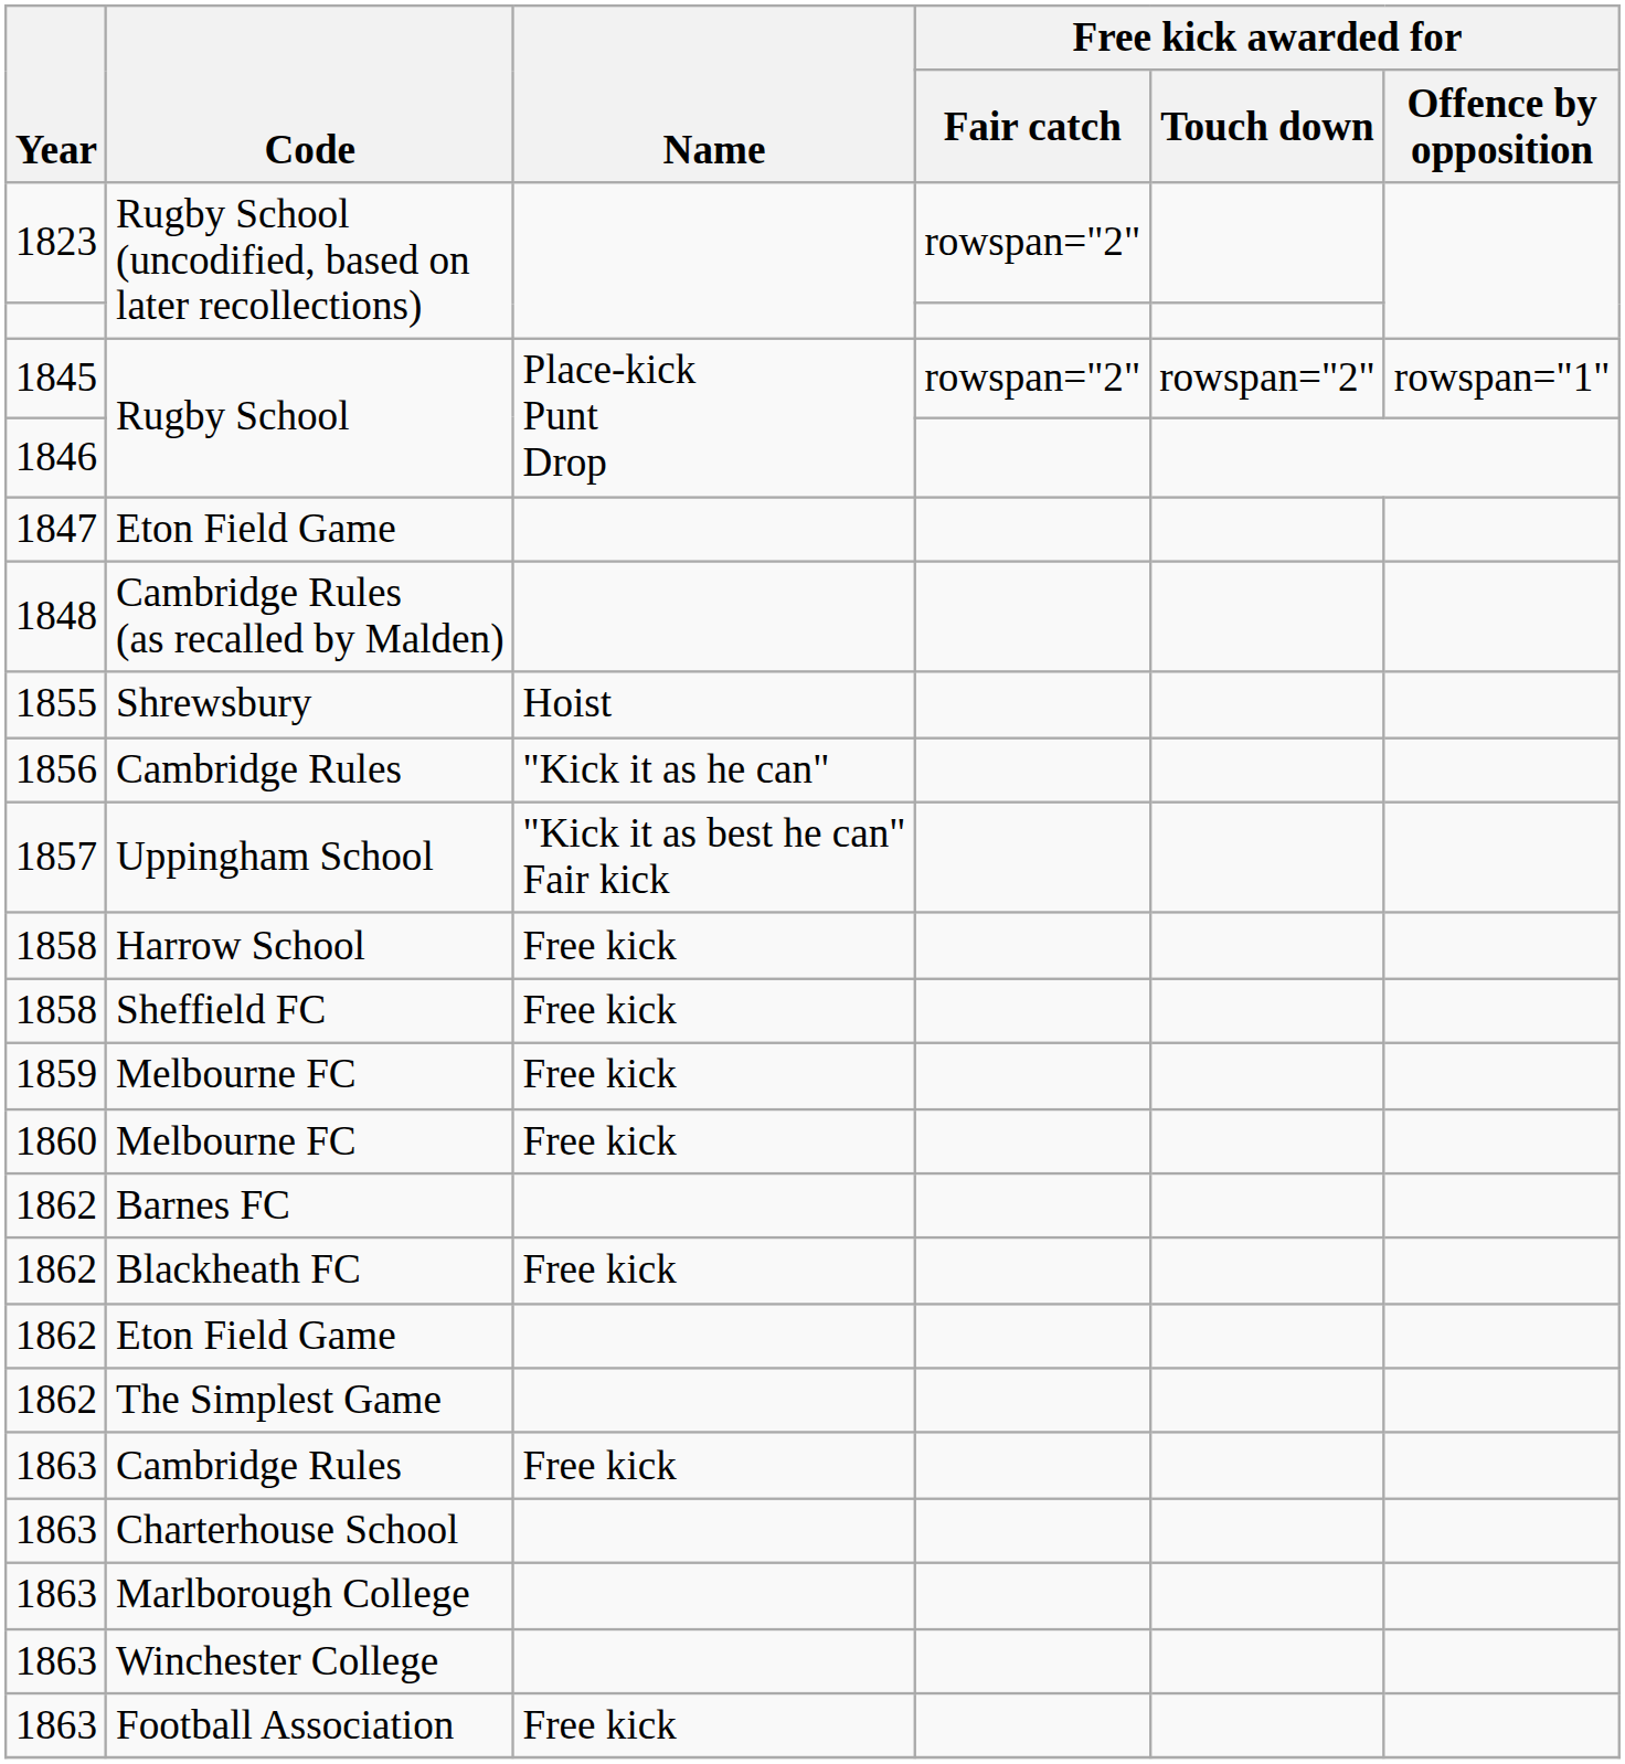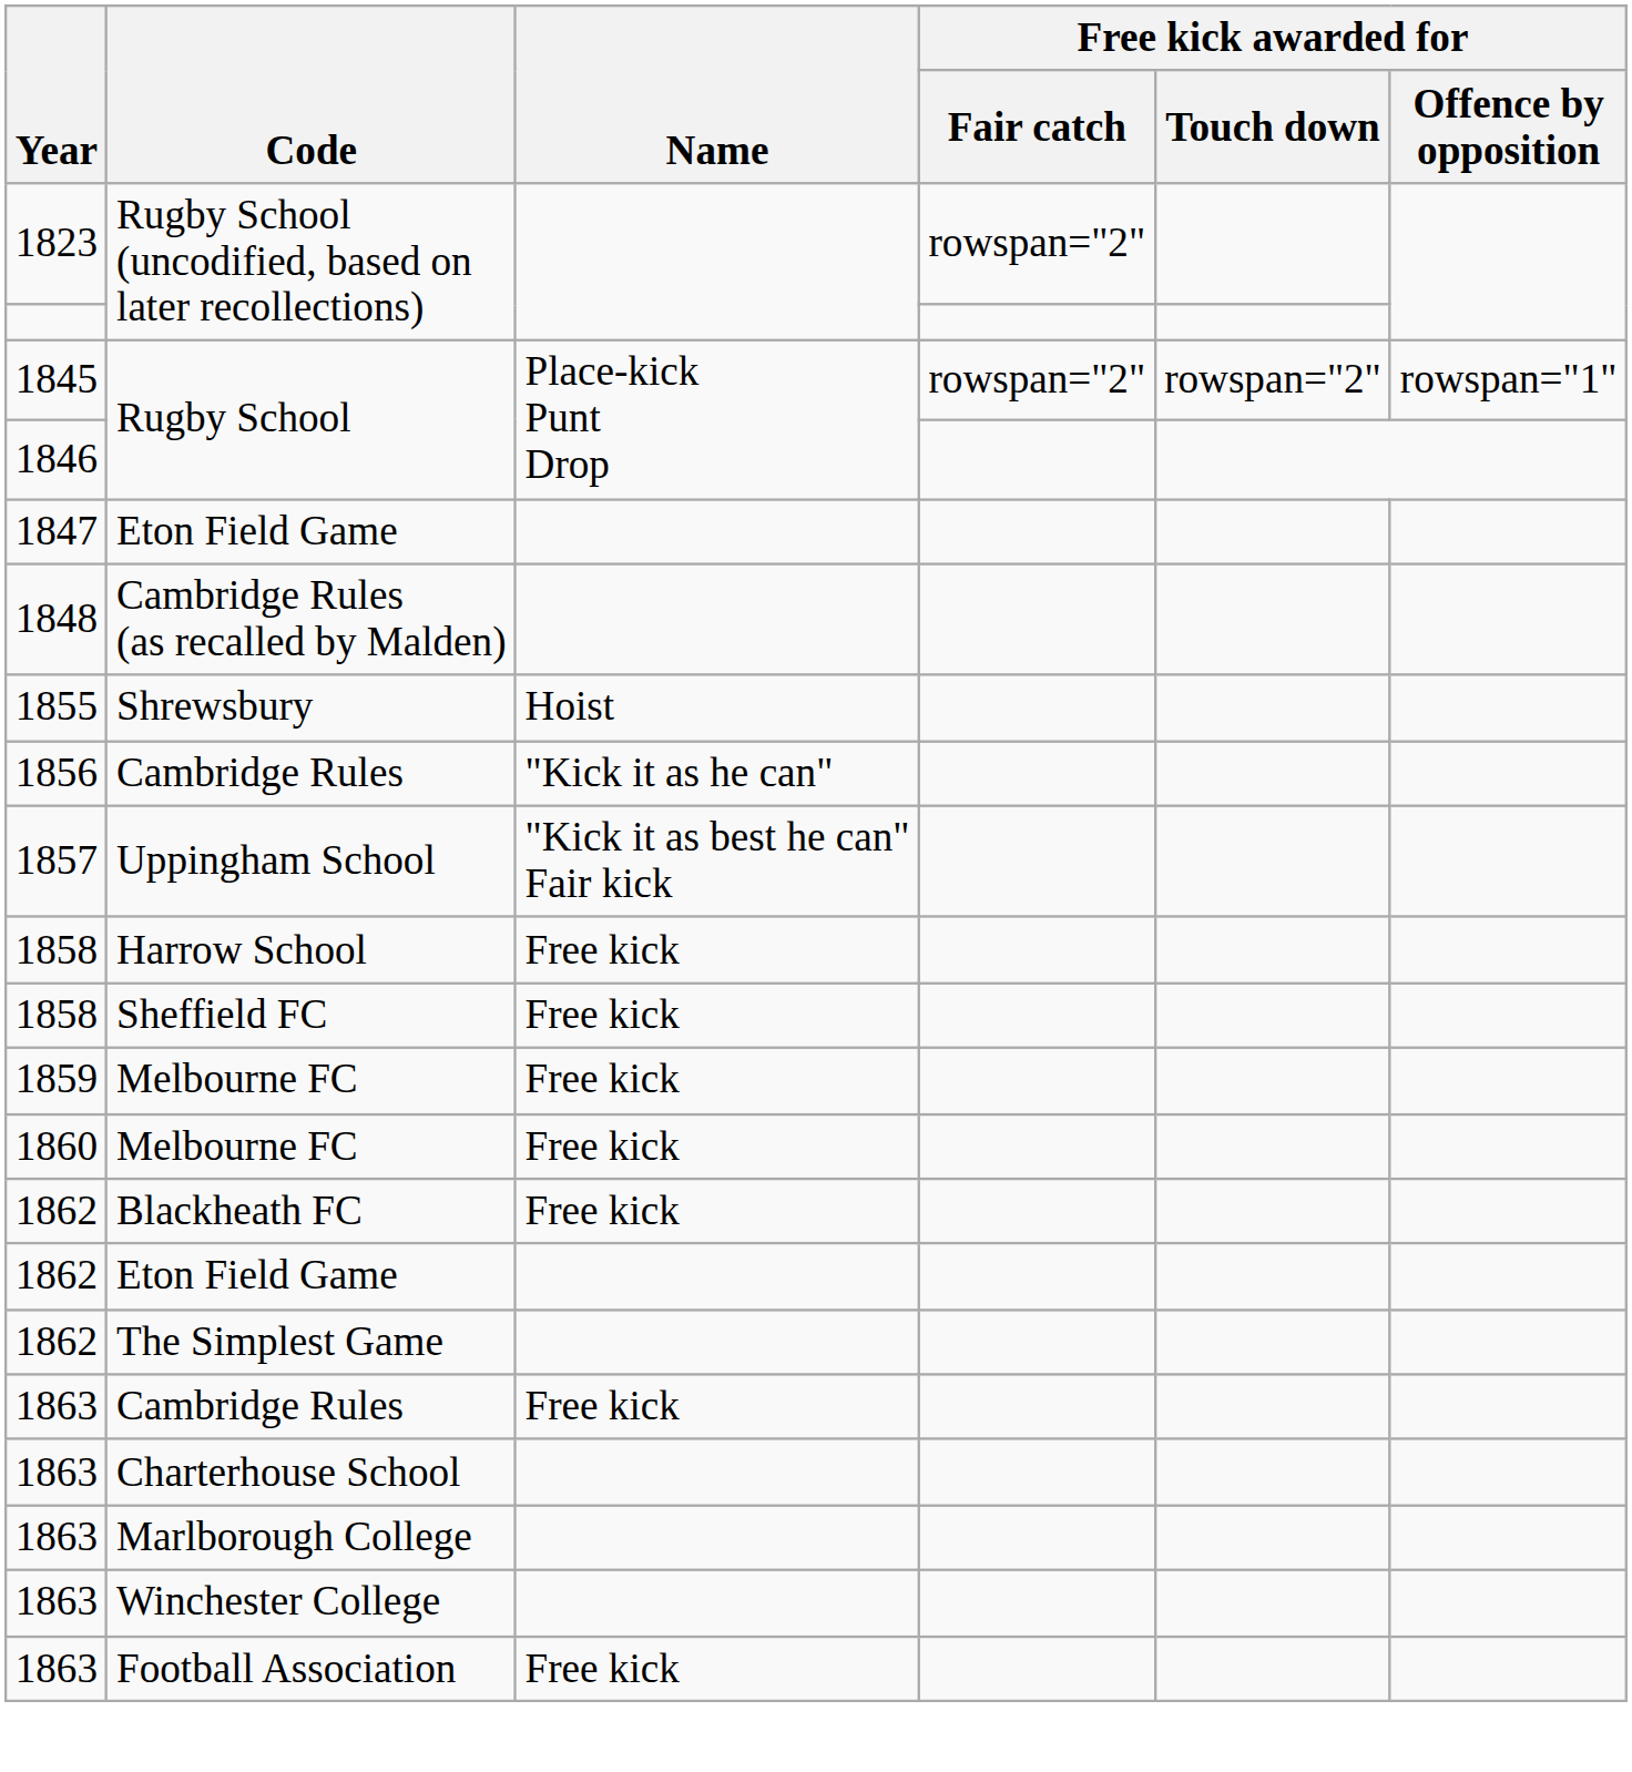 <table class="wikitable">
 <tr style="vertical-align: bottom;">
 <th colspan="1" rowspan="2">Year</th>
 <th colspan="1" rowspan="2">Code</th>
 <th colspan="1" rowspan="2">Name</th>
 <th colspan="3" rowspan="1">Free kick awarded for</th>
 </tr>
 <tr>
 <th colspan="1" rowspan="1">Fair catch</th>
 <th colspan="1" rowspan="1">Touch down</th>
 <th colspan="1" rowspan="1">Offence by <br>opposition</th>
 </tr>
 <tr>
 <td>1823</td>
 <td rowspan="2">Rugby School <br>(uncodified, based on <br>later recollections)</td>
 <td rowspan="2"></td>
 <td>rowspan="2" </td>
 <td></td>
 </tr>
 <tr>
 <td></td>
 <td></td>
 <td></td>
 </tr>
 <tr>
 <td>1845</td>
 <td rowspan="2">Rugby School </td>
 <td rowspan="2">Place-kick<br>Punt<br>Drop</td>
 <td>rowspan="2" </td>
 <td>rowspan="2" </td>
 <td>rowspan="1" </td>
 </tr>
 <tr>
 <td>1846</td>
 <td></td>
 </tr>
 <tr>
 <td>1847</td>
 <td>Eton Field Game</td>
 <td></td>
 <td></td>
 <td></td>
 <td></td>
 </tr>
 <tr>
 <td>1848</td>
 <td>Cambridge Rules <br> (as recalled by Malden)</td>
 <td></td>
 <td></td>
 <td></td>
 <td></td>
 </tr>
 <tr>
 <td>1855</td>
 <td>Shrewsbury</td>
 <td>Hoist</td>
 <td></td>
 <td></td>
 <td></td>
 </tr>
 <tr>
 <td>1856</td>
 <td>Cambridge Rules</td>
 <td>"Kick it as he can"</td>
 <td></td>
 <td></td>
 <td></td>
 </tr>
 <tr>
 <td>1857</td>
 <td>Uppingham School</td>
 <td>"Kick it as best he can"<br>Fair kick</td>
 <td></td>
 <td></td>
 <td></td>
 </tr>
 <tr>
 <td>1858</td>
 <td>Harrow School</td>
 <td>Free kick</td>
 <td></td>
 <td></td>
 <td></td>
 </tr>
 <tr>
 <td>1858</td>
 <td>Sheffield FC</td>
 <td>Free kick</td>
 <td></td>
 <td></td>
 <td></td>
 </tr>
 <tr>
 <td>1859</td>
 <td>Melbourne FC</td>
 <td>Free kick</td>
 <td></td>
 <td></td>
 <td></td>
 </tr>
 <tr>
 <td>1860</td>
 <td>Melbourne FC</td>
 <td>Free kick</td>
 <td></td>
 <td></td>
 <td></td>
 </tr>
 <tr>
 <td>1862</td>
-<td>Barnes FC</td>
-<td></td>
-<td></td>
-<td></td>
-<td></td>
-</tr>
-<tr>
-<td>1862</td>
 <td>Blackheath FC</td>
 <td>Free kick</td>
 <td></td>
 <td></td>
 <td></td>
 </tr>
 <tr>
 <td>1862</td>
 <td>Eton Field Game</td>
 <td></td>
 <td></td>
 <td></td>
 <td></td>
 </tr>
 <tr>
 <td>1862</td>
 <td>The Simplest Game</td>
 <td></td>
 <td></td>
 <td></td>
 <td></td>
 </tr>
 <tr>
 <td>1863</td>
 <td>Cambridge Rules</td>
 <td>Free kick</td>
 <td></td>
 <td></td>
 <td></td>
 </tr>
 <tr>
 <td>1863</td>
 <td>Charterhouse School</td>
 <td></td>
 <td></td>
 <td></td>
 <td></td>
 </tr>
 <tr>
 <td>1863</td>
 <td>Marlborough College</td>
 <td></td>
 <td></td>
 <td></td>
 <td></td>
 </tr>
 <tr>
 <td>1863</td>
 <td>Winchester College</td>
 <td></td>
 <td></td>
 <td></td>
 <td></td>
 </tr>
 <tr>
 <td>1863</td>
 <td>Football Association</td>
 <td>Free kick</td>
 <td></td>
 <td></td>
 <td></td>
 </tr>
 <tr>
 </tr>
 </table>
